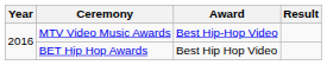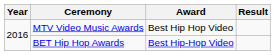 <table class="wikitable">
 <tr>
 <th>Year</th>
 <th>Ceremony</th>
 <th>Award</th>
 <th>Result</th>
 </tr>
 <tr>
 <td rowspan="2">2016</td>
 <td><a href='#'>MTV Video Music Awards</a></td>
-<td><a href='#'>Best Hip-Hop Video</a></td>
+<td>Best Hip Hop Video</td>
 <td></td>
 </tr>
 <tr>
 <td><a href='#'>BET Hip Hop Awards</a></td>
-<td>Best Hip Hop Video</td>
+<td><a href='#'>Best Hip-Hop Video</a></td>
 <td></td>
 </tr>
 </table>
